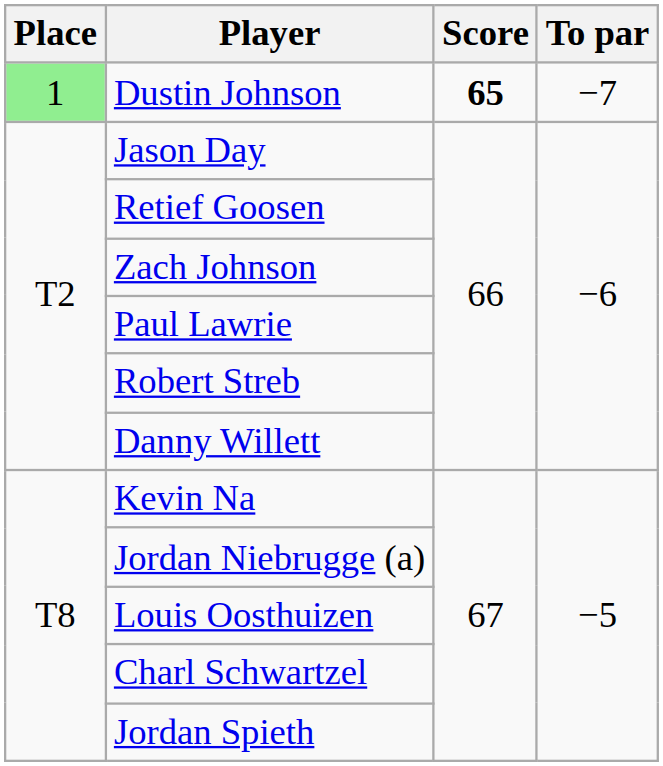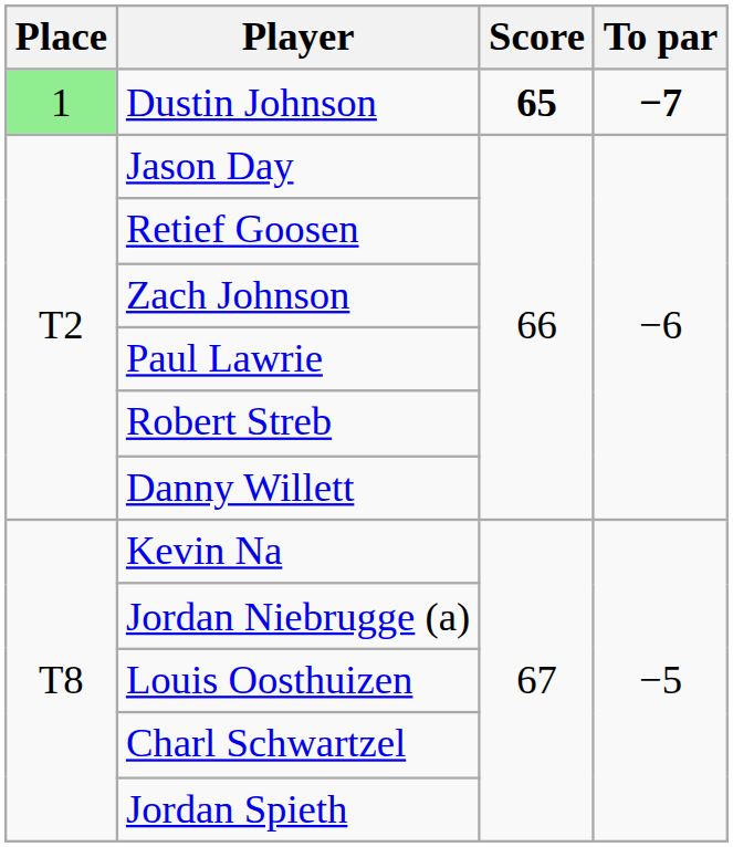 <table class="wikitable">
 <tr>
 <th>Place</th>
 <th>Player</th>
 <th>Score</th>
 <th>To par</th>
 </tr>
 <tr>
 <td align=center style="background: lightgreen;">1</td>
 <td> <a href='#'>Dustin Johnson</a></td>
 <td align=center><strong>65</strong></td>
-<td align=center>−7</td>
+<td align=center><strong>−7</strong></td>
 </tr>
 <tr>
 <td rowspan="6" style="text-align:center;">T2</td>
 <td> <a href='#'>Jason Day</a></td>
 <td rowspan="6" style="text-align:center;">66</td>
 <td rowspan="6" style="text-align:center;">−6</td>
 </tr>
 <tr>
 <td> <a href='#'>Retief Goosen</a></td>
 </tr>
 <tr>
 <td> <a href='#'>Zach Johnson</a></td>
 </tr>
 <tr>
 <td> <a href='#'>Paul Lawrie</a></td>
 </tr>
 <tr>
 <td> <a href='#'>Robert Streb</a></td>
 </tr>
 <tr>
 <td> <a href='#'>Danny Willett</a></td>
 </tr>
 <tr>
 <td rowspan="5" style="text-align:center;">T8</td>
 <td> <a href='#'>Kevin Na</a></td>
 <td rowspan="5" style="text-align:center;">67</td>
 <td rowspan="5" style="text-align:center;">−5</td>
 </tr>
 <tr>
 <td> <a href='#'>Jordan Niebrugge</a> (a)</td>
 </tr>
 <tr>
 <td> <a href='#'>Louis Oosthuizen</a></td>
 </tr>
 <tr>
 <td> <a href='#'>Charl Schwartzel</a></td>
 </tr>
 <tr>
 <td> <a href='#'>Jordan Spieth</a></td>
 </tr>
 </table>
